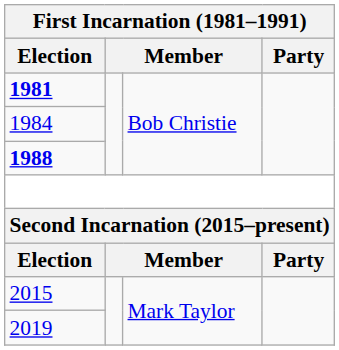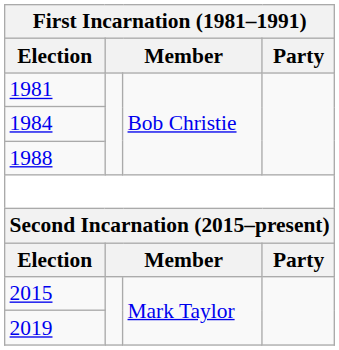 <table class="wikitable">
 <tr>
 <th colspan="4">First Incarnation (1981–1991)</th>
 </tr>
 <tr>
 <th>Election</th>
 <th colspan="2">Member</th>
 <th>Party</th>
 </tr>
 <tr style="background: #f9f9f9">
-<td><strong><a href='#'>1981</a></strong></td>
+<td><a href='#'>1981</a></td>
 <td rowspan="3" > </td>
 <td rowspan="3"><a href='#'>Bob Christie</a></td>
 <td rowspan="3"></td>
 </tr>
 <tr style="background: #f9f9f9">
 <td><a href='#'>1984</a></td>
 </tr>
 <tr style="background: #f9f9f9">
-<td><strong><a href='#'>1988</a></strong></td>
+<td><a href='#'>1988</a></td>
 </tr>
 <tr>
 <td colspan="4" style='background: #FFFFFF; border-style: none none none none;'> </td>
 </tr>
 <tr>
 <th colspan="4">Second Incarnation (2015–present)</th>
 </tr>
 <tr>
 <th>Election</th>
 <th colspan="2">Member</th>
 <th>Party</th>
 </tr>
 <tr style="background: #f9f9f9">
 <td><a href='#'>2015</a></td>
 <td rowspan="2" > </td>
 <td rowspan="2"><a href='#'>Mark Taylor</a></td>
 <td rowspan="2"></td>
 </tr>
 <tr style="background: #f9f9f9">
 <td><a href='#'>2019</a></td>
 </tr>
 </table>
